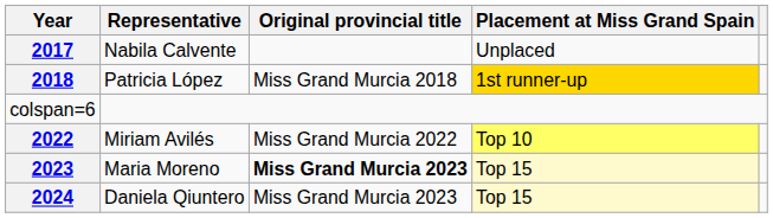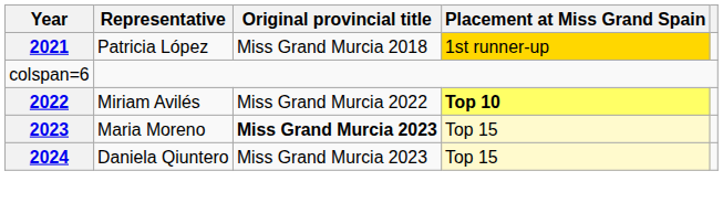 <table class="wikitable defaultcenter col2left" style="font-size:95%;">
 <tr>
 <th>Year</th>
 <th>Representative</th>
 <th>Original provincial title</th>
 <th>Placement at Miss Grand Spain</th>
 <th></th>
 </tr>
 <tr>
-<th><a href='#'>2017</a></th>
-<td>Nabila Calvente</td>
-<td></td>
-<td>Unplaced</td>
-<td></td>
-</tr>
-<tr>
-<th><a href='#'>2018</a></th>
+<th><a href='#'>2021</a></th>
 <td>Patricia López</td>
 <td>Miss Grand Murcia 2018</td>
 <td bgcolor=gold>1st runner-up</td>
 <td></td>
 </tr>
 <tr>
 <td>colspan=6 </td>
 </tr>
 <tr>
 <th><a href='#'>2022</a></th>
 <td>Miriam Avilés</td>
 <td>Miss Grand Murcia 2022</td>
-<td bgcolor=#FFFF66>Top 10</td>
+<td bgcolor=#FFFF66><strong>Top 10</strong></td>
 <td></td>
 </tr>
 <tr>
 <th><a href='#'>2023</a></th>
 <td>Maria Moreno</td>
 <td><strong>Miss Grand Murcia 2023</strong></td>
 <td bgcolor=#FFFACD>Top 15</td>
 <td></td>
 </tr>
 <tr>
 <th><a href='#'>2024</a></th>
 <td>Daniela Qiuntero</td>
 <td>Miss Grand Murcia 2023</td>
 <td bgcolor=#FFFACD>Top 15</td>
 <td></td>
 </tr>
 </table>
